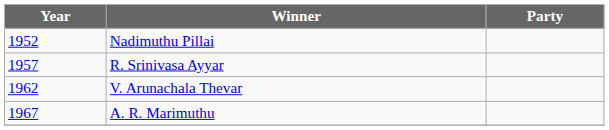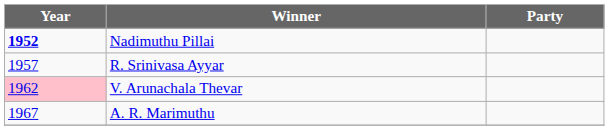 <table class="wikitable" width="50%">
 <tr>
 <th style="background-color:#666666; color:white">Year</th>
 <th style="background-color:#666666; color:white">Winner</th>
 <th style="background-color:#666666; color:white" colspan="2">Party</th>
 </tr>
 <tr>
-<td><a href='#'>1952</a></td>
+<td><strong><a href='#'>1952</a></strong></td>
 <td><a href='#'>Nadimuthu Pillai</a></td>
 <td></td>
 </tr>
 <tr>
 <td><a href='#'>1957</a></td>
 <td><a href='#'>R. Srinivasa Ayyar</a></td>
 <td></td>
 </tr>
 <tr>
-<td><a href='#'>1962</a></td>
+<td style="background: pink;"><a href='#'>1962</a></td>
 <td><a href='#'>V. Arunachala Thevar</a></td>
 <td></td>
 </tr>
 <tr>
 <td><a href='#'>1967</a></td>
 <td><a href='#'>A. R. Marimuthu</a></td>
 <td></td>
 </tr>
 <tr>
 </tr>
 </table>
